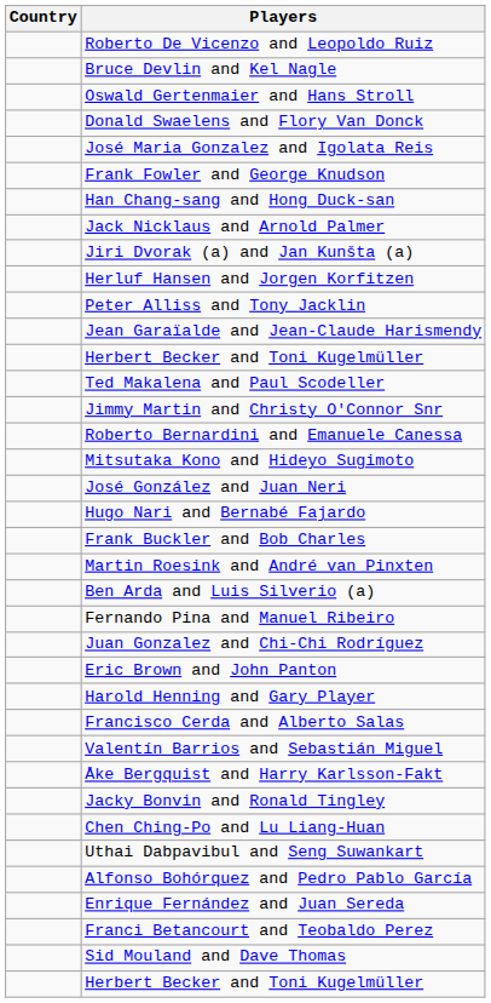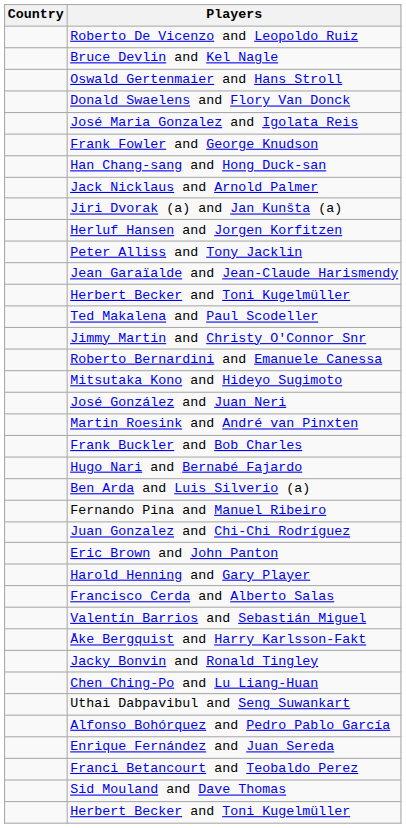 <table class="wikitable" style="font-size:95%;">
 <tr>
 <th>Country</th>
 <th>Players</th>
 </tr>
 <tr>
 <td></td>
 <td><a href='#'>Roberto De Vicenzo</a> and <a href='#'>Leopoldo Ruiz</a></td>
 </tr>
 <tr>
 <td></td>
 <td><a href='#'>Bruce Devlin</a> and <a href='#'>Kel Nagle</a></td>
 </tr>
 <tr>
 <td></td>
 <td><a href='#'>Oswald Gertenmaier</a> and <a href='#'>Hans Stroll</a></td>
 </tr>
 <tr>
 <td></td>
 <td><a href='#'>Donald Swaelens</a> and <a href='#'>Flory Van Donck</a></td>
 </tr>
 <tr>
 <td></td>
 <td><a href='#'>José Maria Gonzalez</a> and <a href='#'>Igolata Reis</a></td>
 </tr>
 <tr>
 <td></td>
 <td><a href='#'>Frank Fowler</a> and <a href='#'>George Knudson</a></td>
 </tr>
 <tr>
 <td></td>
 <td><a href='#'>Han Chang-sang</a> and <a href='#'>Hong Duck-san</a></td>
 </tr>
 <tr>
 <td></td>
 <td><a href='#'>Jack Nicklaus</a> and <a href='#'>Arnold Palmer</a></td>
 </tr>
 <tr>
 <td></td>
 <td><a href='#'>Jiri Dvorak</a> (a) and <a href='#'>Jan Kunšta</a> (a)</td>
 </tr>
 <tr>
 <td></td>
 <td><a href='#'>Herluf Hansen</a> and <a href='#'>Jorgen Korfitzen</a></td>
 </tr>
 <tr>
 <td></td>
 <td><a href='#'>Peter Alliss</a> and <a href='#'>Tony Jacklin</a></td>
 </tr>
 <tr>
 <td></td>
 <td><a href='#'>Jean Garaïalde</a> and <a href='#'>Jean-Claude Harismendy</a></td>
 </tr>
 <tr>
 <td></td>
 <td><a href='#'>Herbert Becker</a> and <a href='#'>Toni Kugelmüller</a></td>
 </tr>
 <tr>
 <td></td>
 <td><a href='#'>Ted Makalena</a> and <a href='#'>Paul Scodeller</a></td>
 </tr>
 <tr>
 <td></td>
 <td><a href='#'>Jimmy Martin</a> and <a href='#'>Christy O'Connor Snr</a></td>
 </tr>
 <tr>
 <td></td>
 <td><a href='#'>Roberto Bernardini</a> and <a href='#'>Emanuele Canessa</a></td>
 </tr>
 <tr>
 <td></td>
 <td><a href='#'>Mitsutaka Kono</a> and <a href='#'>Hideyo Sugimoto</a></td>
 </tr>
 <tr>
 <td></td>
 <td><a href='#'>José González</a> and <a href='#'>Juan Neri</a></td>
 </tr>
 <tr>
 <td></td>
-<td><a href='#'>Hugo Nari</a> and <a href='#'>Bernabé Fajardo</a></td>
+<td><a href='#'>Martin Roesink</a> and <a href='#'>André van Pinxten</a></td>
 </tr>
 <tr>
 <td></td>
 <td><a href='#'>Frank Buckler</a> and <a href='#'>Bob Charles</a></td>
 </tr>
 <tr>
 <td></td>
-<td><a href='#'>Martin Roesink</a> and <a href='#'>André van Pinxten</a></td>
+<td><a href='#'>Hugo Nari</a> and <a href='#'>Bernabé Fajardo</a></td>
 </tr>
 <tr>
 <td></td>
 <td><a href='#'>Ben Arda</a> and <a href='#'>Luis Silverio</a> (a)</td>
 </tr>
 <tr>
 <td></td>
 <td>Fernando Pina and <a href='#'>Manuel Ribeiro</a></td>
 </tr>
 <tr>
 <td></td>
 <td><a href='#'>Juan Gonzalez</a> and <a href='#'>Chi-Chi Rodríguez</a></td>
 </tr>
 <tr>
 <td></td>
 <td><a href='#'>Eric Brown</a> and <a href='#'>John Panton</a></td>
 </tr>
 <tr>
 <td></td>
 <td><a href='#'>Harold Henning</a> and <a href='#'>Gary Player</a></td>
 </tr>
 <tr>
 <td></td>
 <td><a href='#'>Francisco Cerda</a> and <a href='#'>Alberto Salas</a></td>
 </tr>
 <tr>
 <td></td>
 <td><a href='#'>Valentín Barrios</a> and <a href='#'>Sebastián Miguel</a></td>
 </tr>
 <tr>
 <td></td>
 <td><a href='#'>Åke Bergquist</a> and <a href='#'>Harry Karlsson-Fakt</a></td>
 </tr>
 <tr>
 <td></td>
 <td><a href='#'>Jacky Bonvin</a> and <a href='#'>Ronald Tingley</a></td>
 </tr>
 <tr>
 <td></td>
 <td><a href='#'>Chen Ching-Po</a> and <a href='#'>Lu Liang-Huan</a></td>
 </tr>
 <tr>
 <td></td>
 <td>Uthai Dabpavibul and <a href='#'>Seng Suwankart</a></td>
 </tr>
 <tr>
 <td></td>
 <td><a href='#'>Alfonso Bohórquez</a> and <a href='#'>Pedro Pablo García</a></td>
 </tr>
 <tr>
 <td></td>
 <td><a href='#'>Enrique Fernández</a> and <a href='#'>Juan Sereda</a></td>
 </tr>
 <tr>
 <td></td>
 <td><a href='#'>Franci Betancourt</a> and <a href='#'>Teobaldo Perez</a></td>
 </tr>
 <tr>
 <td></td>
 <td><a href='#'>Sid Mouland</a> and <a href='#'>Dave Thomas</a></td>
 </tr>
 <tr>
 <td></td>
 <td><a href='#'>Herbert Becker</a> and <a href='#'>Toni Kugelmüller</a></td>
 </tr>
 </table>
